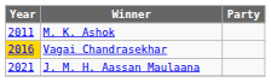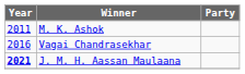 <table class="wikitable" width="50%">
 <tr>
 <th style="background-color:#666666; color:white">Year</th>
 <th style="background-color:#666666; color:white">Winner</th>
 <th style="background-color:#666666; color:white" colspan="2">Party</th>
 </tr>
 <tr>
 <td><a href='#'>2011</a></td>
 <td><a href='#'>M. K. Ashok</a></td>
 <td></td>
 </tr>
 <tr>
-<td style="background: gold;"><a href='#'>2016</a></td>
+<td><a href='#'>2016</a></td>
 <td><a href='#'>Vagai Chandrasekhar</a></td>
 <td></td>
 </tr>
 <tr>
-<td><a href='#'>2021</a></td>
+<td><strong><a href='#'>2021</a></strong></td>
 <td><a href='#'>J. M. H. Aassan Maulaana</a></td>
 <td></td>
 </tr>
 <tr>
 </tr>
 </table>
